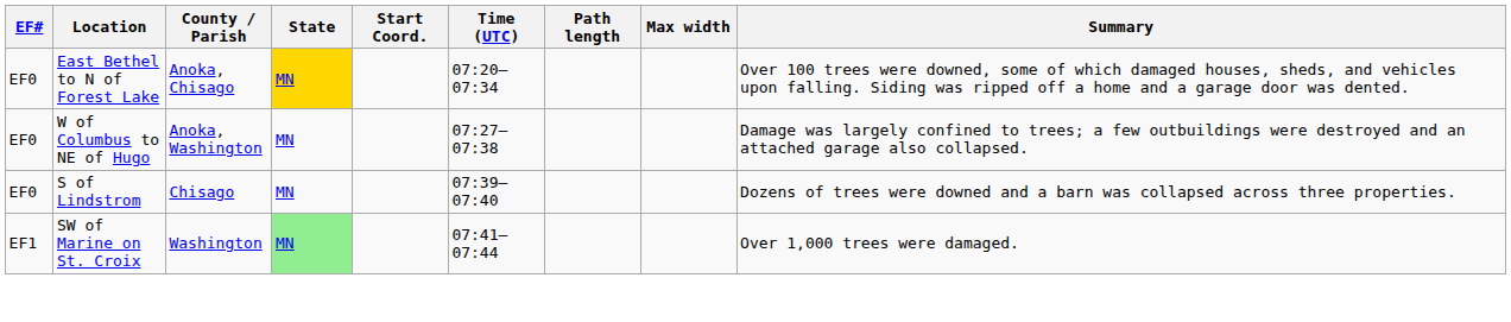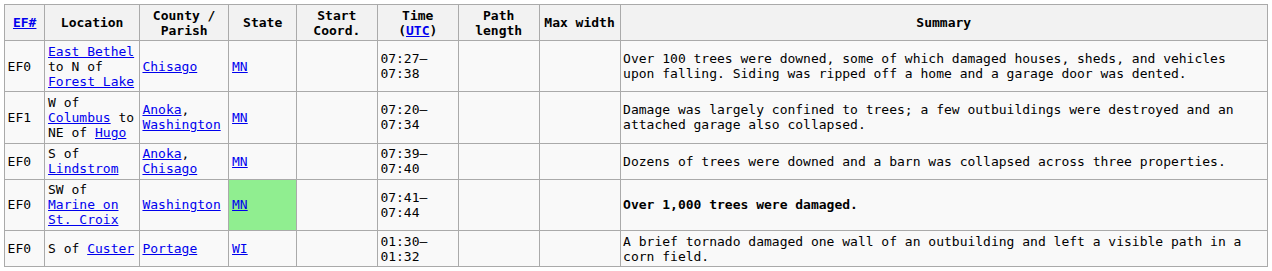 <table class="wikitable sortable" style="width:100%;">
 <tr>
 <th scope="col"  style="width:3%; text-align:center;"><a href='#'>EF#</a></th>
 <th scope="col"  style="width:7%; text-align:center;" class="unsortable">Location</th>
 <th scope="col"  style="width:6%; text-align:center;" class="unsortable">County / Parish</th>
 <th scope="col"  style="width:5%; text-align:center;">State</th>
 <th scope="col"  style="width:6%; text-align:center;">Start Coord.</th>
 <th scope="col"  style="width:6%; text-align:center;">Time (<a href='#'>UTC</a>)</th>
 <th scope="col"  style="width:6%; text-align:center;">Path length</th>
 <th scope="col"  style="width:6%; text-align:center;">Max width</th>
 <th scope="col" class="unsortable" style="width:48%; text-align:center;">Summary</th>
 </tr>
 <tr>
 <td>EF0</td>
 <td><a href='#'>East Bethel</a> to N of <a href='#'>Forest Lake</a></td>
-<td><a href='#'>Anoka</a>, <a href='#'>Chisago</a></td>
-<td style="background: gold;"><a href='#'>MN</a></td>
+<td><a href='#'>Chisago</a></td>
+<td><a href='#'>MN</a></td>
 <td></td>
-<td>07:20–07:34</td>
+<td>07:27–07:38</td>
 <td></td>
 <td></td>
 <td>Over 100 trees were downed, some of which damaged houses, sheds, and vehicles upon falling. Siding was ripped off a home and a garage door was dented.</td>
 </tr>
 <tr>
-<td>EF0</td>
+<td>EF1</td>
 <td>W of <a href='#'>Columbus</a> to NE of <a href='#'>Hugo</a></td>
 <td><a href='#'>Anoka</a>, <a href='#'>Washington</a></td>
 <td><a href='#'>MN</a></td>
 <td></td>
-<td>07:27–07:38</td>
+<td>07:20–07:34</td>
 <td></td>
 <td></td>
 <td>Damage was largely confined to trees; a few outbuildings were destroyed and an attached garage also collapsed.</td>
 </tr>
 <tr>
 <td>EF0</td>
 <td>S of <a href='#'>Lindstrom</a></td>
-<td><a href='#'>Chisago</a></td>
+<td><a href='#'>Anoka</a>, <a href='#'>Chisago</a></td>
 <td><a href='#'>MN</a></td>
 <td></td>
 <td>07:39–07:40</td>
 <td></td>
 <td></td>
 <td>Dozens of trees were downed and a barn was collapsed across three properties.</td>
 </tr>
 <tr>
-<td>EF1</td>
+<td>EF0</td>
 <td>SW of <a href='#'>Marine on St. Croix</a></td>
 <td><a href='#'>Washington</a></td>
 <td style="background: lightgreen;"><a href='#'>MN</a></td>
 <td></td>
 <td>07:41–07:44</td>
 <td></td>
 <td></td>
-<td>Over 1,000 trees were damaged.</td>
+<td><strong>Over 1,000 trees were damaged.</strong></td>
+</tr>
+<tr>
+<td>EF0</td>
+<td>S of <a href='#'>Custer</a></td>
+<td><a href='#'>Portage</a></td>
+<td><a href='#'>WI</a></td>
+<td></td>
+<td>01:30–01:32</td>
+<td></td>
+<td></td>
+<td>A brief tornado damaged one wall of an outbuilding and left a visible path in a corn field.</td>
 </tr>
 <tr>
 </tr>
 </table>
